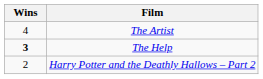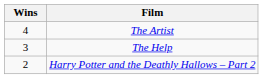 <table class="wikitable" rowspan="2" style="text-align:center;" background: #f6e39c;>
 <tr>
 <th scope="col" style="width:55px;">Wins</th>
 <th scope="col" style="text-align:center;">Film</th>
 </tr>
 <tr>
 <td>4</td>
 <td><em><a href='#'>The Artist</a></em></td>
 </tr>
 <tr>
-<td><strong>3</strong></td>
+<td>3</td>
 <td><em><a href='#'>The Help</a></em></td>
 </tr>
 <tr>
 <td>2</td>
 <td><em><a href='#'>Harry Potter and the Deathly Hallows – Part 2</a></em></td>
 </tr>
 </table>
